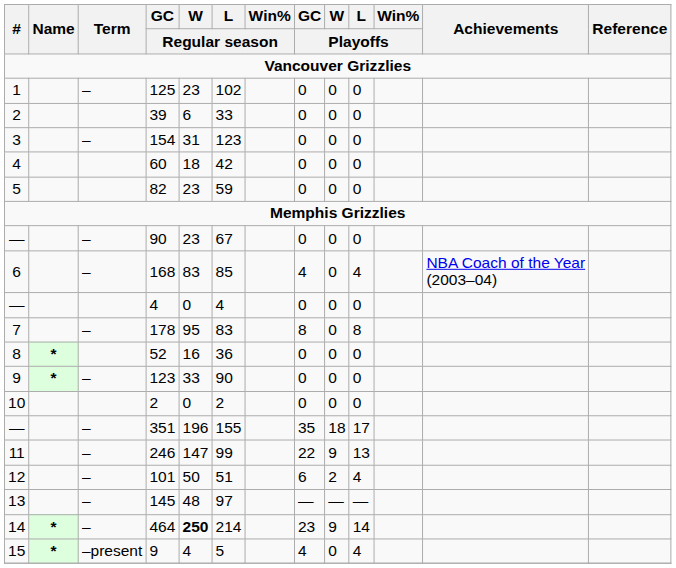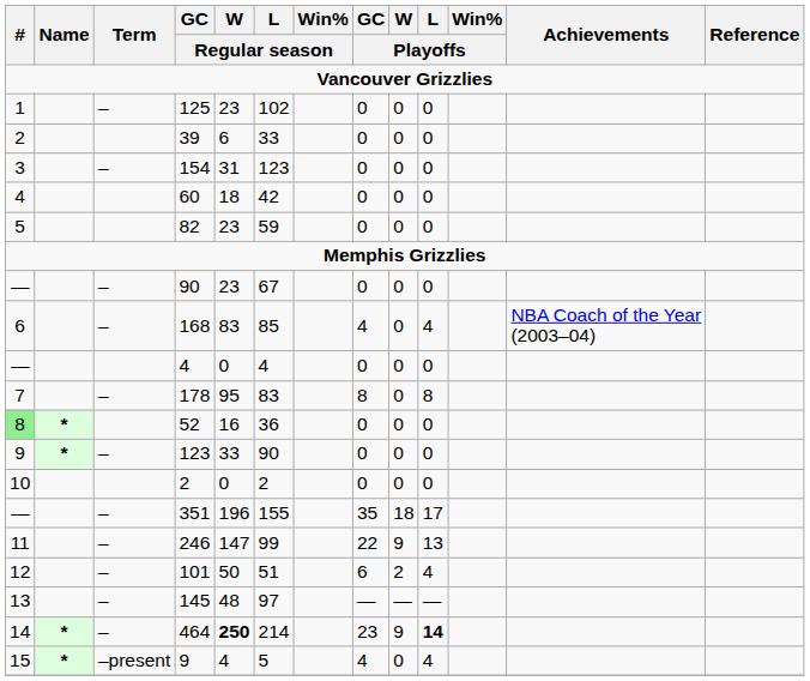 <table class="wikitable plainrowheaders sortable" summary="# (sortable), Name (sortable), Term (sortable), Regular season games coached (sortable), Regular season wins (sortable), Regular season losses (sortable), Regular season winning percentage (sortable), Playoffs games coached (sortable), Playoffs wins (sortable), Playoffs losses (sortable), Playoffs winning percentage (sortable), Achievements and Reference">
 <tr>
 <th scope="col" rowspan="2">#</th>
 <th scope="col" rowspan="2">Name</th>
 <th scope="col" rowspan="2">Term</th>
 <th scope="col">GC</th>
 <th scope="col">W</th>
 <th scope="col">L</th>
 <th scope="col">Win%</th>
 <th scope="col" data-sort-type="number">GC</th>
 <th scope="col" data-sort-type="number">W</th>
 <th scope="col" data-sort-type="number">L</th>
 <th scope="col" data-sort-type="number">Win%</th>
 <th scope="col" rowspan="2" class=unsortable>Achievements</th>
 <th scope="col" rowspan="2" class=unsortable>Reference</th>
 </tr>
 <tr class="unsortable">
 <th scope="col" colspan="4">Regular season</th>
 <th scope="col" colspan="4">Playoffs</th>
 </tr>
 <tr>
 <td colspan="16" align="center"><strong>Vancouver Grizzlies</strong></td>
 </tr>
 <tr>
 <td align=center>1</td>
 <th scope="row" style="background-color:transparent;"></th>
 <td>–</td>
 <td>125</td>
 <td>23</td>
 <td>102</td>
 <td></td>
 <td>0</td>
 <td>0</td>
 <td>0</td>
 <td></td>
 <td></td>
 <td align=center></td>
 </tr>
 <tr>
 <td align=center>2</td>
 <th scope="row" style="background-color:transparent;"></th>
 <td></td>
 <td>39</td>
 <td>6</td>
 <td>33</td>
 <td></td>
 <td>0</td>
 <td>0</td>
 <td>0</td>
 <td></td>
 <td></td>
 <td align=center></td>
 </tr>
 <tr>
 <td align=center>3</td>
 <th scope="row" style="background-color:transparent;"></th>
 <td>–</td>
 <td>154</td>
 <td>31</td>
 <td>123</td>
 <td></td>
 <td>0</td>
 <td>0</td>
 <td>0</td>
 <td></td>
 <td></td>
 <td align=center></td>
 </tr>
 <tr>
 <td align=center>4</td>
 <th scope="row" style="background-color:transparent;"></th>
 <td></td>
 <td>60</td>
 <td>18</td>
 <td>42</td>
 <td></td>
 <td>0</td>
 <td>0</td>
 <td>0</td>
 <td></td>
 <td></td>
 <td align=center></td>
 </tr>
 <tr>
 <td align=center>5</td>
 <th scope="row" style="background-color:transparent;"></th>
 <td></td>
 <td>82</td>
 <td>23</td>
 <td>59</td>
 <td></td>
 <td>0</td>
 <td>0</td>
 <td>0</td>
 <td></td>
 <td></td>
 <td align=center></td>
 </tr>
 <tr>
 <td colspan="16" align=center><strong>Memphis Grizzlies</strong></td>
 </tr>
 <tr>
 <td align=center>—</td>
 <th scope="row" style="background-color:transparent;"></th>
 <td>–</td>
 <td>90</td>
 <td>23</td>
 <td>67</td>
 <td></td>
 <td>0</td>
 <td>0</td>
 <td>0</td>
 <td></td>
 <td></td>
 <td align=center></td>
 </tr>
 <tr>
 <td align=center>6</td>
 <th scope="row" style="background-color:transparent;"></th>
 <td>–</td>
 <td>168</td>
 <td>83</td>
 <td>85</td>
 <td></td>
 <td>4</td>
 <td>0</td>
 <td>4</td>
 <td></td>
 <td><a href='#'>NBA Coach of the Year</a><br>(2003–04)</td>
 <td align=center></td>
 </tr>
 <tr>
 <td align=center>—</td>
 <th scope="row" style="background-color:transparent;"></th>
 <td></td>
 <td>4</td>
 <td>0</td>
 <td>4</td>
 <td></td>
 <td>0</td>
 <td>0</td>
 <td>0</td>
 <td></td>
 <td></td>
 <td align=center></td>
 </tr>
 <tr>
 <td align=center>7</td>
 <th scope="row" style="background-color:transparent;"></th>
 <td>–</td>
 <td>178</td>
 <td>95</td>
 <td>83</td>
 <td></td>
 <td>8</td>
 <td>0</td>
 <td>8</td>
 <td></td>
 <td></td>
 <td align=center></td>
 </tr>
 <tr>
-<td align=center>8</td>
+<td align=center style="background: lightgreen;">8</td>
 <th scope="row" style="background-color:#ddffdd">*</th>
 <td></td>
 <td>52</td>
 <td>16</td>
 <td>36</td>
 <td></td>
 <td>0</td>
 <td>0</td>
 <td>0</td>
 <td></td>
 <td></td>
 <td align=center></td>
 </tr>
 <tr>
 <td align=center>9</td>
 <th scope="row" style="background-color:#ddffdd">*</th>
 <td>–</td>
 <td>123</td>
 <td>33</td>
 <td>90</td>
 <td></td>
 <td>0</td>
 <td>0</td>
 <td>0</td>
 <td></td>
 <td></td>
 <td align=center></td>
 </tr>
 <tr>
 <td align=center>10</td>
 <th scope="row" style="background-color:transparent;"></th>
 <td></td>
 <td>2</td>
 <td>0</td>
 <td>2</td>
 <td></td>
 <td>0</td>
 <td>0</td>
 <td>0</td>
 <td></td>
 <td></td>
 <td align=center></td>
 </tr>
 <tr>
 <td align=center>—</td>
 <th scope="row" style="background-color:transparent;"></th>
 <td>–</td>
 <td>351</td>
 <td>196</td>
 <td>155</td>
 <td></td>
 <td>35</td>
 <td>18</td>
 <td>17</td>
 <td></td>
 <td></td>
 <td align=center></td>
 </tr>
 <tr>
 <td align=center>11</td>
 <th scope="row" style="background-color:transparent;"></th>
 <td>–</td>
 <td>246</td>
 <td>147</td>
 <td>99</td>
 <td></td>
 <td>22</td>
 <td>9</td>
 <td>13</td>
 <td></td>
 <td></td>
 <td align=center></td>
 </tr>
 <tr>
 <td align=center>12</td>
 <th scope="row" style="background-color:transparent;"></th>
 <td>–</td>
 <td>101</td>
 <td>50</td>
 <td>51</td>
 <td></td>
 <td>6</td>
 <td>2</td>
 <td>4</td>
 <td></td>
 <td></td>
 <td align=center></td>
 </tr>
 <tr>
 <td align=center>13</td>
 <th scope="row" style="background-color:transparent;"></th>
 <td>–</td>
 <td>145</td>
 <td>48</td>
 <td>97</td>
 <td></td>
 <td>—</td>
 <td>—</td>
 <td>—</td>
 <td></td>
 <td></td>
 <td align=center></td>
 </tr>
 <tr>
 <td align=center>14</td>
 <th scope="row" style="background-color:#ddffdd">*</th>
 <td>–</td>
 <td>464</td>
 <td><strong>250</strong></td>
 <td>214</td>
 <td></td>
 <td>23</td>
 <td>9</td>
-<td>14</td>
+<td><strong>14</strong></td>
 <td></td>
 <td></td>
 <td align=center></td>
 </tr>
 <tr>
 <td align=center>15</td>
 <th scope="row" style="background-color:#ddffdd">*</th>
 <td>–present</td>
 <td>9</td>
 <td>4</td>
 <td>5</td>
 <td></td>
 <td>4</td>
 <td>0</td>
 <td>4</td>
 <td></td>
 <td></td>
 <td></td>
 </tr>
 <tr>
 </tr>
 </table>
